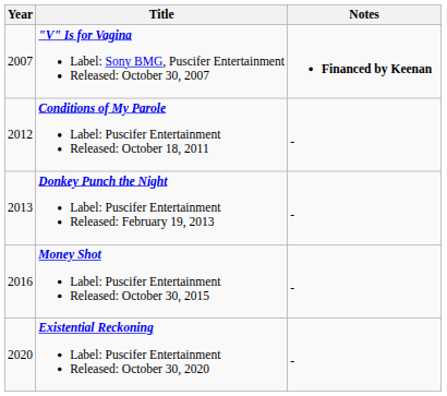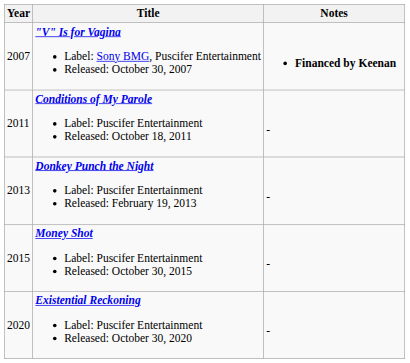 <table class="wikitable">
 <tr>
 <th>Year</th>
 <th>Title</th>
 <th>Notes</th>
 </tr>
 <tr>
 <td rowspan="1">2007</td>
 <td><strong><em><a href='#'>"V" Is for Vagina</a></em></strong><br><ul><li>Label: <a href='#'>Sony BMG</a>, Puscifer Entertainment</li><li>Released: October 30, 2007</li></ul></td>
 <td><strong><br><ul><li>Financed by Keenan  </li></ul></strong></td>
 </tr>
 <tr>
-<td rowspan="1">2012</td>
+<td rowspan="1">2011</td>
 <td><strong><em><a href='#'>Conditions of My Parole</a></em></strong><br><ul><li>Label: Puscifer Entertainment</li><li>Released: October 18, 2011</li></ul></td>
 <td><br>-</td>
 </tr>
 <tr>
 <td rowspan="1">2013</td>
 <td><strong><em><a href='#'>Donkey Punch the Night</a></em></strong><br><ul><li>Label: Puscifer Entertainment</li><li>Released: February 19, 2013</li></ul></td>
 <td><br>-</td>
 </tr>
 <tr>
-<td rowspan="1">2016</td>
+<td rowspan="1">2015</td>
 <td><strong><em><a href='#'>Money Shot</a></em></strong><br><ul><li>Label: Puscifer Entertainment</li><li>Released: October 30, 2015</li></ul></td>
 <td><br>-</td>
 </tr>
 <tr>
 <td rowspan="1">2020</td>
 <td><strong><em><a href='#'>Existential Reckoning</a></em></strong><br><ul><li>Label: Puscifer Entertainment</li><li>Released: October 30, 2020</li></ul></td>
 <td><br>-</td>
 </tr>
 </table>
